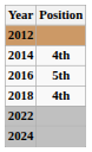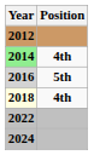 <table class="wikitable" style="text-align: center;">
 <tr>
 <th>Year</th>
 <th>Position</th>
 </tr>
 <tr bgcolor=cc9966>
 <td> <strong>2012</strong></td>
 <td></td>
 </tr>
 <tr>
-<td> <strong>2014</strong></td>
+<td style="background: lightgreen;"> <strong>2014</strong></td>
 <td colspan="2"><strong>4th</strong></td>
 </tr>
 <tr>
-<td> <strong>2016</strong></td>
+<td style="background: lightgrey;"> <strong>2016</strong></td>
 <td colspan="2"><strong>5th</strong></td>
 </tr>
 <tr>
-<td> <strong>2018</strong></td>
+<td style="background: lightyellow;"> <strong>2018</strong></td>
 <td colspan="2"><strong>4th</strong></td>
 </tr>
 <tr bgcolor=silver>
 <td> <strong>2022</strong></td>
 <td></td>
 </tr>
 <tr bgcolor=silver>
 <td> <strong>2024</strong></td>
 <td></td>
 </tr>
 </table>
